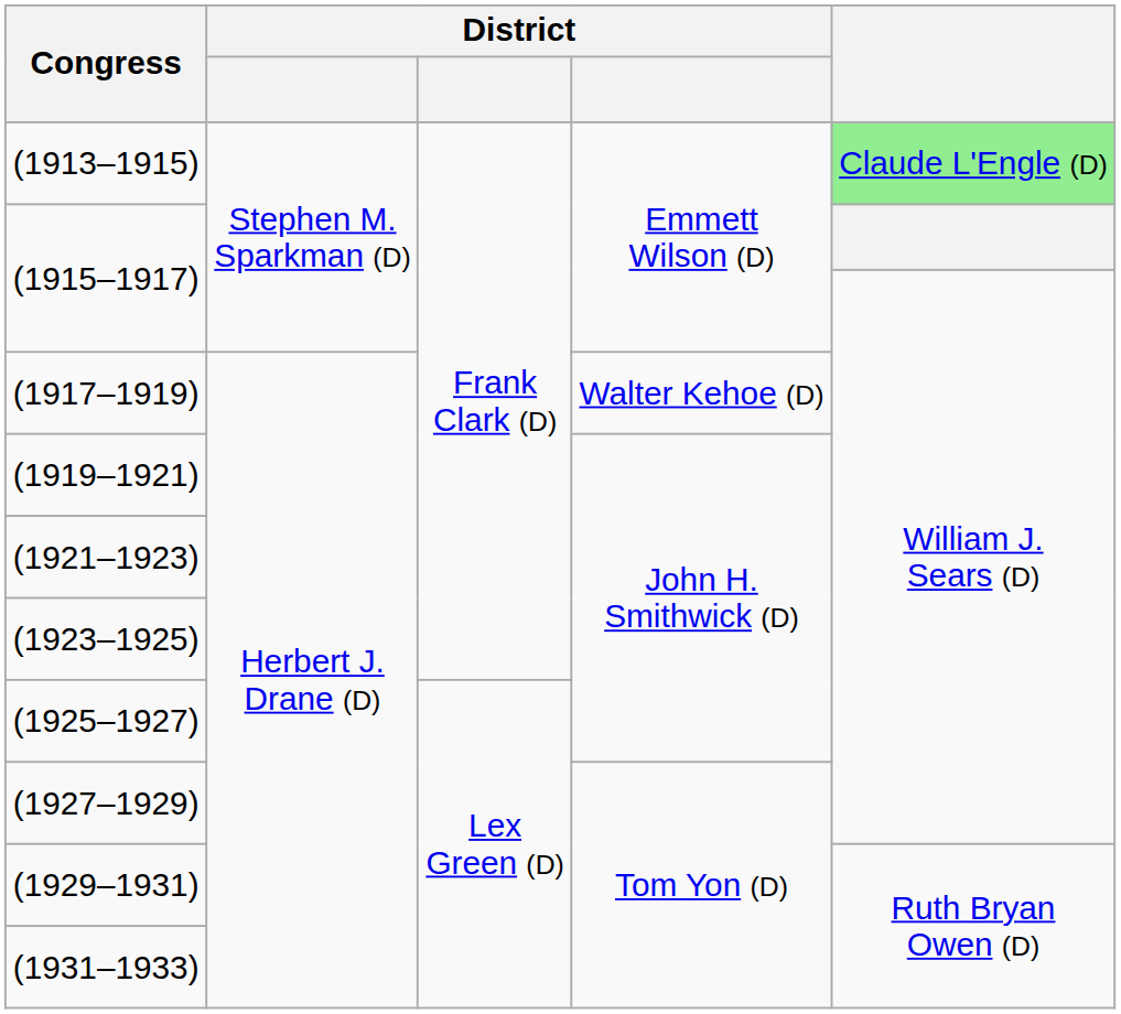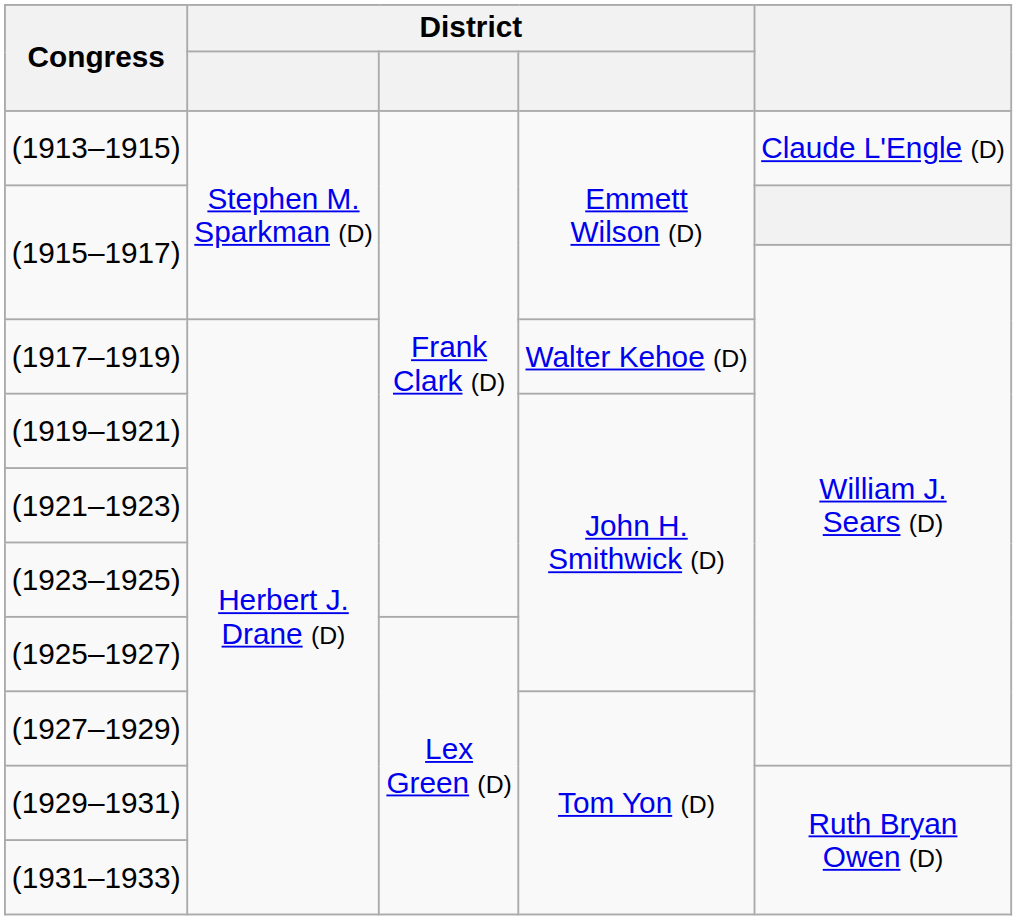 <table class=wikitable style="text-align:center">
 <tr>
 <th rowspan=2>Congress</th>
 <th colspan=3>District</th>
 <th rowspan=2></th>
 </tr>
 <tr style="height:2em">
 <th></th>
 <th></th>
 <th></th>
 </tr>
 <tr style="height:2.5em">
 <td><strong></strong> (1913–1915)</td>
 <td rowspan=3 ><a href='#'>Stephen M.<br>Sparkman</a> <small>(D)</small></td>
 <td rowspan=7 ><a href='#'>Frank<br>Clark</a> <small>(D)</small></td>
 <td rowspan=3 ><a href='#'>Emmett<br>Wilson</a> <small>(D)</small></td>
-<td style="background: lightgreen;"><a href='#'>Claude L'Engle</a> <small>(D)</small></td>
+<td><a href='#'>Claude L'Engle</a> <small>(D)</small></td>
 </tr>
 <tr style="height:2em">
 <td rowspan=2><strong></strong> (1915–1917)</td>
 <th></th>
 </tr>
 <tr style="height:2.5em">
 <td rowspan=7 ><a href='#'>William J.<br>Sears</a> <small>(D)</small></td>
 </tr>
 <tr style="height:2.5em">
 <td><strong></strong> (1917–1919)</td>
 <td rowspan=8 ><a href='#'>Herbert J.<br>Drane</a> <small>(D)</small></td>
 <td><a href='#'>Walter Kehoe</a> <small>(D)</small></td>
 </tr>
 <tr style="height:2.5em">
 <td><strong></strong> (1919–1921)</td>
 <td rowspan=4 ><a href='#'>John H.<br>Smithwick</a> <small>(D)</small></td>
 </tr>
 <tr style="height:2.5em">
 <td><strong></strong> (1921–1923)</td>
 </tr>
 <tr style="height:2.5em">
 <td><strong></strong> (1923–1925)</td>
 </tr>
 <tr style="height:2.5em">
 <td><strong></strong> (1925–1927)</td>
 <td rowspan=4 ><a href='#'>Lex<br>Green</a> <small>(D)</small></td>
 </tr>
 <tr style="height:2.5em">
 <td><strong></strong> (1927–1929)</td>
 <td rowspan=3 ><a href='#'>Tom Yon</a> <small>(D)</small></td>
 </tr>
 <tr style="height:2.5em">
 <td><strong></strong> (1929–1931)</td>
 <td rowspan=2 ><a href='#'>Ruth Bryan<br>Owen</a> <small>(D)</small></td>
 </tr>
 <tr style="height:2.5em">
 <td><strong></strong> (1931–1933)</td>
 </tr>
 </table>
